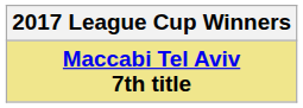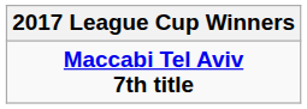 <table class=wikitable style="text-align:center; margin:auto">
 <tr>
 <th>2017 League Cup Winners</th>
 </tr>
 <tr>
-<td style="background: khaki;"><strong><a href='#'>Maccabi Tel Aviv</a></strong> <br> <strong>7th title</strong></td>
+<td><strong><a href='#'>Maccabi Tel Aviv</a></strong> <br> <strong>7th title</strong></td>
 </tr>
 </table>
